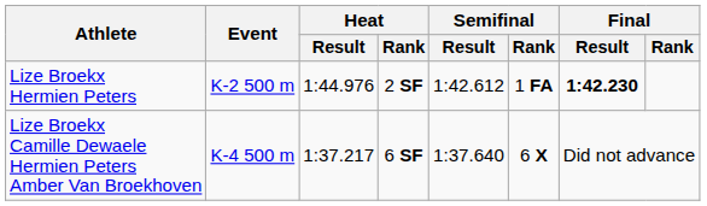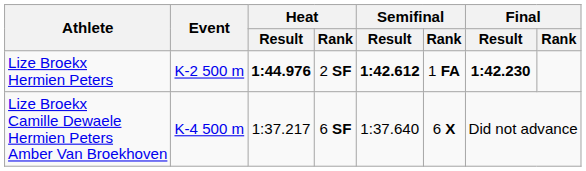 <table class=wikitable style=font-size:90%>
 <tr>
 <th rowspan=2>Athlete</th>
 <th rowspan=2>Event</th>
 <th colspan=2>Heat</th>
 <th colspan=2>Semifinal</th>
 <th colspan=2>Final</th>
 </tr>
 <tr style=font-size:95%>
 <th>Result</th>
 <th>Rank</th>
 <th>Result</th>
 <th>Rank</th>
 <th>Result</th>
 <th>Rank</th>
 </tr>
 <tr align=center>
 <td align=left><a href='#'>Lize Broekx</a><br><a href='#'>Hermien Peters</a></td>
 <td align=left><a href='#'>K-2 500 m</a></td>
-<td>1:44.976</td>
+<td><strong>1:44.976</strong></td>
 <td>2 <strong>SF</strong></td>
-<td>1:42.612</td>
+<td><strong>1:42.612</strong></td>
 <td>1 <strong>FA</strong></td>
 <td><strong>1:42.230</strong></td>
 <td></td>
 </tr>
 <tr align=center>
 <td align=left><a href='#'>Lize Broekx</a><br><a href='#'>Camille Dewaele</a><br><a href='#'>Hermien Peters</a><br><a href='#'>Amber Van Broekhoven</a></td>
 <td align=left><a href='#'>K-4 500 m</a></td>
 <td>1:37.217</td>
 <td>6 <strong>SF</strong></td>
 <td>1:37.640</td>
 <td>6 <strong>X</strong></td>
 <td colspan=2>Did not advance</td>
 </tr>
 </table>
